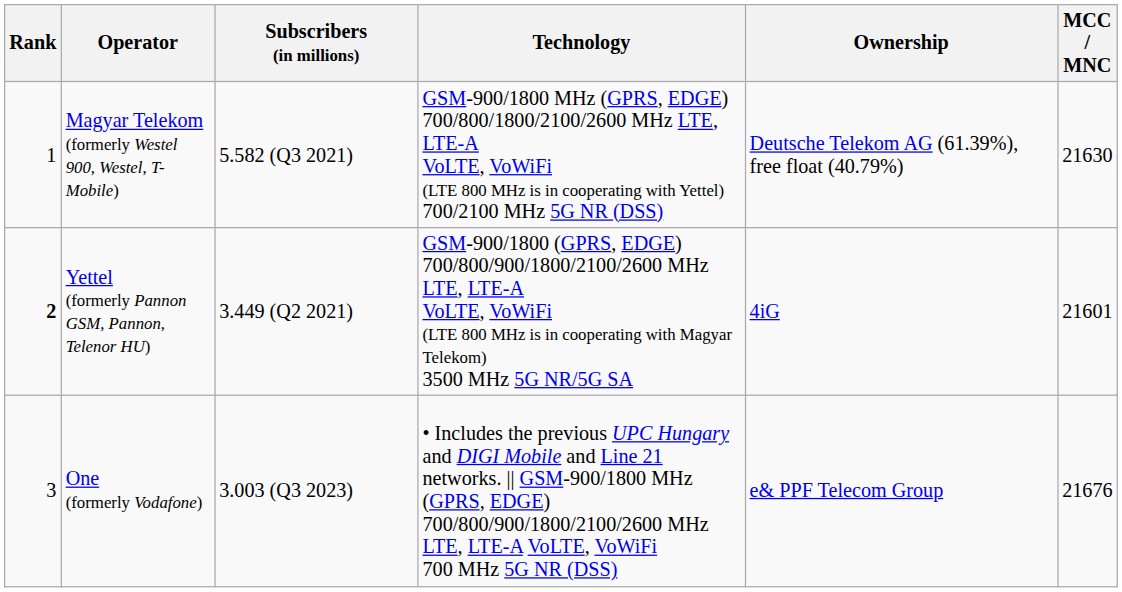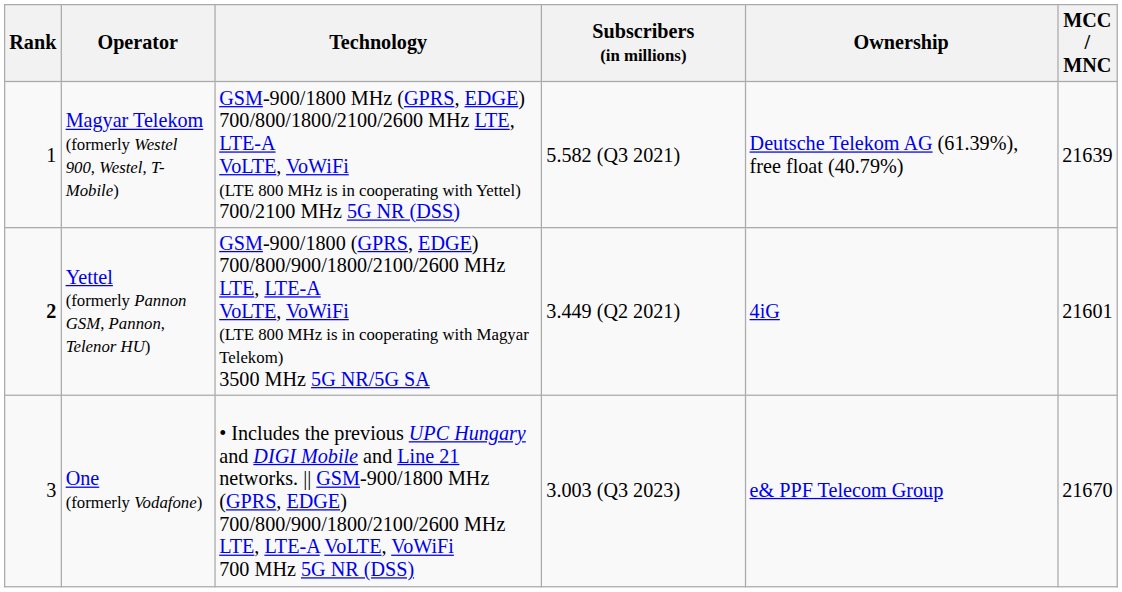 <table class="wikitable" style="width:100%;">
 <tr>
 <th style="width:3%;">Rank</th>
 <th style="width:15%;">Operator</th>
+<th style="width:30%;">Technology</th>
 <th style="width:20%;">Subscribers<br><small>(in millions)</small></th>
-<th style="width:30%;">Technology</th>
 <th style="width:32%;">Ownership</th>
 <th>MCC / MNC</th>
 </tr>
 <tr>
 <td align=right>1</td>
 <td><a href='#'>Magyar Telekom</a> <br> <small>(formerly <em>Westel 900</em>, <em>Westel</em>, <em>T-Mobile</em>)</small></td>
+<td><a href='#'>GSM</a>-900/1800 MHz (<a href='#'>GPRS</a>, <a href='#'>EDGE</a>)<br>700/800/1800/2100/2600 MHz <a href='#'>LTE</a>, <a href='#'>LTE-A</a><br><a href='#'>VoLTE</a>, <a href='#'>VoWiFi</a><br><small>(LTE 800 MHz is in cooperating with Yettel)</small> <br>700/2100 MHz <a href='#'>5G NR (DSS)</a></td>
 <td>5.582 (Q3 2021)</td>
-<td><a href='#'>GSM</a>-900/1800 MHz (<a href='#'>GPRS</a>, <a href='#'>EDGE</a>)<br>700/800/1800/2100/2600 MHz <a href='#'>LTE</a>, <a href='#'>LTE-A</a><br><a href='#'>VoLTE</a>, <a href='#'>VoWiFi</a><br><small>(LTE 800 MHz is in cooperating with Yettel)</small> <br>700/2100 MHz <a href='#'>5G NR (DSS)</a></td>
 <td><a href='#'>Deutsche Telekom AG</a> (61.39%), free float (40.79%)</td>
-<td>21630</td>
+<td>21639</td>
 </tr>
 <tr>
 <td align=right><strong>2</strong></td>
 <td><a href='#'>Yettel</a><br> <small>(formerly <em>Pannon GSM</em>, <em>Pannon</em>, <em>Telenor HU</em>)</small></td>
+<td><a href='#'>GSM</a>-900/1800 (<a href='#'>GPRS</a>, <a href='#'>EDGE</a>)<br>700/800/900/1800/2100/2600 MHz <a href='#'>LTE</a>, <a href='#'>LTE-A</a><br><a href='#'>VoLTE</a>, <a href='#'>VoWiFi</a><br><small>(LTE 800 MHz is in cooperating with Magyar Telekom)</small> <br>3500 MHz <a href='#'>5G NR/5G SA</a></td>
 <td>3.449 (Q2 2021)</td>
-<td><a href='#'>GSM</a>-900/1800 (<a href='#'>GPRS</a>, <a href='#'>EDGE</a>)<br>700/800/900/1800/2100/2600 MHz <a href='#'>LTE</a>, <a href='#'>LTE-A</a><br><a href='#'>VoLTE</a>, <a href='#'>VoWiFi</a><br><small>(LTE 800 MHz is in cooperating with Magyar Telekom)</small> <br>3500 MHz <a href='#'>5G NR/5G SA</a></td>
 <td><a href='#'>4iG</a></td>
 <td>21601</td>
 </tr>
 <tr>
 <td align=right>3</td>
 <td><a href='#'>One</a><br> <small>(formerly <em>Vodafone</em>)</small></td>
+<td><br>• Includes the previous <em><a href='#'>UPC Hungary</a></em> and <em><a href='#'>DIGI Mobile</a></em> and <a href='#'>Line 21</a> networks. || <a href='#'>GSM</a>-900/1800 MHz (<a href='#'>GPRS</a>, <a href='#'>EDGE</a>)<br>700/800/900/1800/2100/2600 MHz <a href='#'>LTE</a>, <a href='#'>LTE-A</a> <a href='#'>VoLTE</a>, <a href='#'>VoWiFi</a><br>700 MHz <a href='#'>5G NR (DSS)</a></td>
 <td>3.003 (Q3 2023)</td>
-<td><br>• Includes the previous <em><a href='#'>UPC Hungary</a></em> and <em><a href='#'>DIGI Mobile</a></em> and <a href='#'>Line 21</a> networks. || <a href='#'>GSM</a>-900/1800 MHz (<a href='#'>GPRS</a>, <a href='#'>EDGE</a>)<br>700/800/900/1800/2100/2600 MHz <a href='#'>LTE</a>, <a href='#'>LTE-A</a> <a href='#'>VoLTE</a>, <a href='#'>VoWiFi</a><br>700 MHz <a href='#'>5G NR (DSS)</a></td>
 <td><a href='#'>e& PPF Telecom Group</a></td>
-<td>21676</td>
+<td>21670</td>
 </tr>
 </table>
